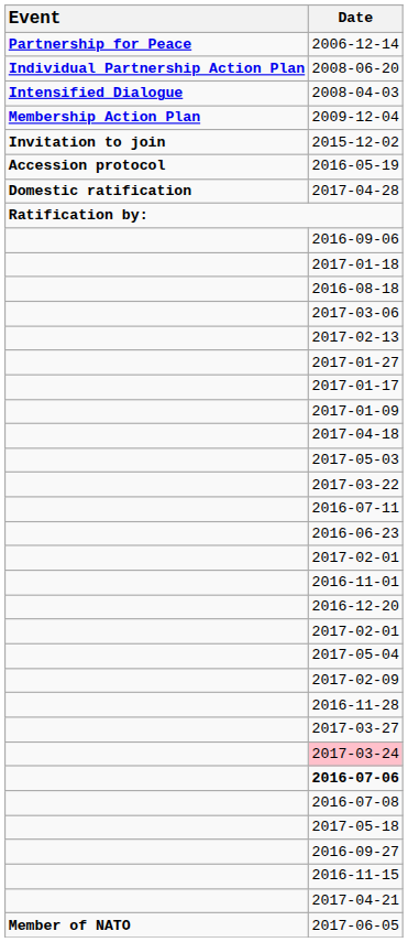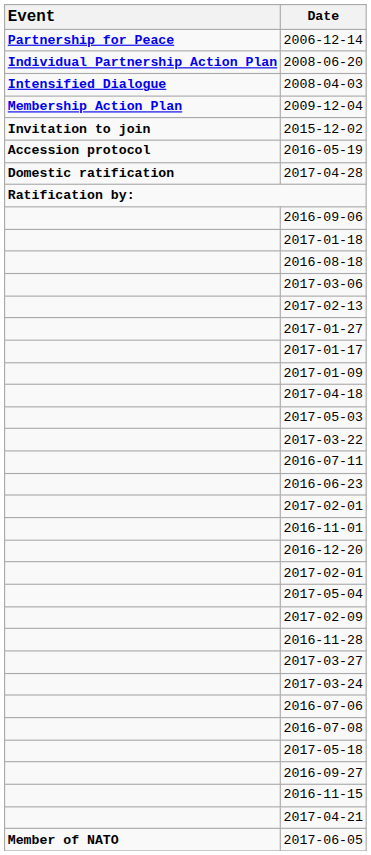 <table class="wikitable sortable" style="text-align:center; font-size:90%;">
 <tr>
 <th style="text-align:left;"><big>Event</big></th>
 <th>Date</th>
 </tr>
 <tr>
 <td style="text-align:left;"><strong><a href='#'>Partnership for Peace</a></strong></td>
 <td>2006-12-14</td>
 </tr>
 <tr>
 <td style="text-align:left;"><strong><a href='#'>Individual Partnership Action Plan</a></strong></td>
 <td>2008-06-20</td>
 </tr>
 <tr>
 <td style="text-align:left;"><strong><a href='#'>Intensified Dialogue</a></strong></td>
 <td>2008-04-03</td>
 </tr>
 <tr>
 <td style="text-align:left;"><strong><a href='#'>Membership Action Plan</a></strong></td>
 <td>2009-12-04</td>
 </tr>
 <tr>
 <td style="text-align:left;"><strong>Invitation to join</strong></td>
 <td>2015-12-02</td>
 </tr>
 <tr>
 <td style="text-align:left;"><strong>Accession protocol</strong></td>
 <td>2016-05-19</td>
 </tr>
 <tr>
 <td style="text-align:left;"><strong>Domestic ratification</strong></td>
 <td>2017-04-28</td>
 </tr>
 <tr>
 <td colspan="8" style="text-align:left;"><strong>Ratification by:</strong></td>
 </tr>
 <tr>
 <td style="text-align:left;"></td>
 <td>2016-09-06</td>
 </tr>
 <tr>
 <td style="text-align:left;"></td>
 <td>2017-01-18</td>
 </tr>
 <tr>
 <td style="text-align:left;"></td>
 <td>2016-08-18</td>
 </tr>
 <tr>
 <td style="text-align:left;"></td>
 <td>2017-03-06</td>
 </tr>
 <tr>
 <td style="text-align:left;"></td>
 <td>2017-02-13</td>
 </tr>
 <tr>
 <td style="text-align:left;"></td>
 <td>2017-01-27</td>
 </tr>
 <tr>
 <td style="text-align:left;"></td>
 <td>2017-01-17</td>
 </tr>
 <tr>
 <td style="text-align:left;"></td>
 <td>2017-01-09</td>
 </tr>
 <tr>
 <td style="text-align:left;"></td>
 <td>2017-04-18</td>
 </tr>
 <tr>
 <td style="text-align:left;"></td>
 <td>2017-05-03</td>
 </tr>
 <tr>
 <td style="text-align:left;"></td>
 <td>2017-03-22</td>
 </tr>
 <tr>
 <td style="text-align:left;"></td>
 <td>2016-07-11</td>
 </tr>
 <tr>
 <td style="text-align:left;"></td>
 <td>2016-06-23</td>
 </tr>
 <tr>
 <td style="text-align:left;"></td>
 <td>2017-02-01</td>
 </tr>
 <tr>
 <td style="text-align:left;"></td>
 <td>2016-11-01</td>
 </tr>
 <tr>
 <td style="text-align:left;"></td>
 <td>2016-12-20</td>
 </tr>
 <tr>
 <td style="text-align:left;"></td>
 <td>2017-02-01</td>
 </tr>
 <tr>
 <td style="text-align:left;"></td>
 <td>2017-05-04</td>
 </tr>
 <tr>
 <td style="text-align:left;"></td>
 <td>2017-02-09</td>
 </tr>
 <tr>
 <td style="text-align:left;"></td>
 <td>2016-11-28</td>
 </tr>
 <tr>
 <td style="text-align:left;"></td>
 <td>2017-03-27</td>
 </tr>
 <tr>
 <td style="text-align:left;"></td>
-<td style="background: pink;">2017-03-24</td>
+<td>2017-03-24</td>
 </tr>
 <tr>
 <td style="text-align:left;"></td>
-<td><strong>2016-07-06</strong></td>
+<td>2016-07-06</td>
 </tr>
 <tr>
 <td style="text-align:left;"></td>
 <td>2016-07-08</td>
 </tr>
 <tr>
 <td style="text-align:left;"></td>
 <td>2017-05-18</td>
 </tr>
 <tr>
 <td style="text-align:left;"></td>
 <td>2016-09-27</td>
 </tr>
 <tr>
 <td style="text-align:left;"></td>
 <td>2016-11-15</td>
 </tr>
 <tr>
 <td style="text-align:left;"></td>
 <td>2017-04-21</td>
 </tr>
 <tr>
 <td style="text-align:left;"><strong>Member of NATO</strong></td>
 <td>2017-06-05</td>
 </tr>
 </table>
